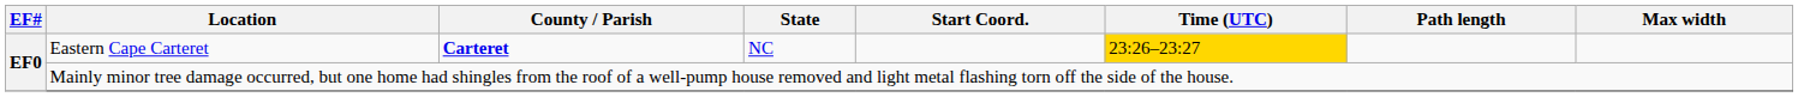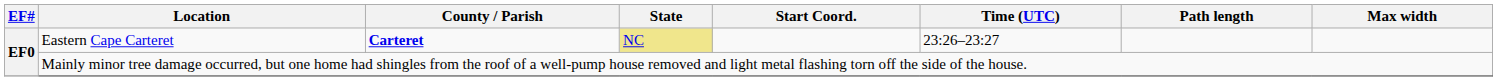 <table class="wikitable sortable" style="width:100%;">
 <tr>
 <th scope="col" width="2%" align="center"><a href='#'>EF#</a></th>
 <th scope="col" align="center" class="unsortable">Location</th>
 <th scope="col" align="center" class="unsortable">County / Parish</th>
 <th scope="col" align="center">State</th>
 <th scope="col" align="center">Start Coord.</th>
 <th scope="col" align="center">Time (<a href='#'>UTC</a>)</th>
 <th scope="col" align="center">Path length</th>
 <th scope="col" align="center">Max width</th>
 </tr>
 <tr>
 <th scope="row" rowspan="2" style="background-color:#">EF0</th>
 <td>Eastern <a href='#'>Cape Carteret</a></td>
 <td><strong><a href='#'>Carteret</a></strong></td>
-<td><a href='#'>NC</a></td>
+<td style="background: khaki;"><a href='#'>NC</a></td>
 <td></td>
-<td style="background: gold;">23:26–23:27</td>
+<td>23:26–23:27</td>
 <td></td>
 <td></td>
 </tr>
 <tr class="expand-child">
 <td colspan="8" style=" border-bottom: 1px solid black;">Mainly minor tree damage occurred, but one home had shingles from the roof of a well-pump house removed and light metal flashing torn off the side of the house.</td>
 </tr>
 <tr>
 </tr>
 </table>
